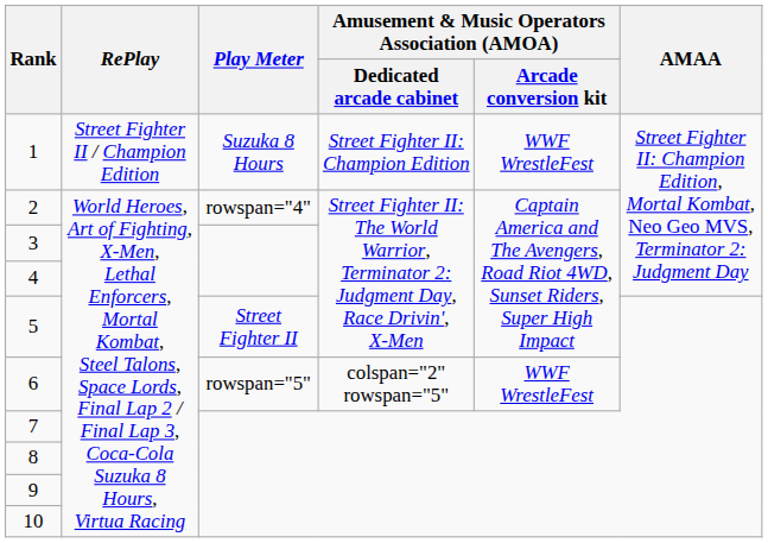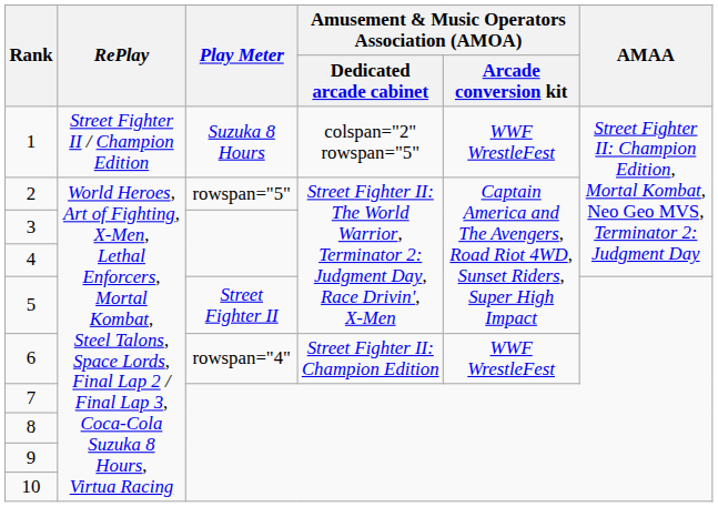 <table class="wikitable sortable" style="text-align:center">
 <tr>
 <th rowspan="2">Rank</th>
 <th rowspan="2"><em>RePlay</em></th>
 <th rowspan="2"><em><a href='#'>Play Meter</a></em></th>
 <th colspan="2">Amusement & Music Operators Association (AMOA)</th>
 <th rowspan="2">AMAA</th>
 </tr>
 <tr>
 <th>Dedicated <a href='#'>arcade cabinet</a></th>
 <th><a href='#'>Arcade conversion</a> kit</th>
 </tr>
 <tr>
 <td>1</td>
 <td><em><a href='#'>Street Fighter II</a> / <a href='#'>Champion Edition</a></em></td>
 <td><em><a href='#'>Suzuka 8 Hours</a></em></td>
-<td><em><a href='#'>Street Fighter II: Champion Edition</a></em></td>
+<td>colspan="2" rowspan="5" </td>
 <td><em><a href='#'>WWF WrestleFest</a></em></td>
 <td rowspan="4"><em><a href='#'>Street Fighter II: Champion Edition</a></em>, <br> <em><a href='#'>Mortal Kombat</a></em>, <br> <a href='#'>Neo Geo MVS</a>, <br> <em><a href='#'>Terminator 2: Judgment Day</a></em></td>
 </tr>
 <tr>
 <td>2</td>
 <td rowspan="9"><em><a href='#'>World Heroes</a></em>, <br> <em><a href='#'>Art of Fighting</a></em>, <br> <em><a href='#'>X-Men</a></em>, <br> <em><a href='#'>Lethal Enforcers</a></em>, <br> <em><a href='#'>Mortal Kombat</a></em>, <br> <em><a href='#'>Steel Talons</a></em>, <br> <em><a href='#'>Space Lords</a></em>, <br> <em><a href='#'>Final Lap 2</a> / <a href='#'>Final Lap 3</a></em>, <br> <em><a href='#'>Coca-Cola Suzuka 8 Hours</a></em>, <br> <em><a href='#'>Virtua Racing</a></em></td>
-<td>rowspan="4" </td>
+<td>rowspan="5" </td>
 <td rowspan="4"><em><a href='#'>Street Fighter II: The World Warrior</a></em>, <br> <em><a href='#'>Terminator 2: Judgment Day</a></em>, <br> <em><a href='#'>Race Drivin'</a></em>, <br> <em><a href='#'>X-Men</a></em></td>
 <td rowspan="4"><em><a href='#'>Captain America and The Avengers</a></em>, <br> <em><a href='#'>Road Riot 4WD</a></em>, <br> <em><a href='#'>Sunset Riders</a></em>, <br> <em><a href='#'>Super High Impact</a></em></td>
 </tr>
 <tr>
 <td>3</td>
 </tr>
 <tr>
 <td>4</td>
 </tr>
 <tr>
 <td>5</td>
 <td><em><a href='#'>Street Fighter II</a></em></td>
 </tr>
 <tr>
 <td>6</td>
-<td>rowspan="5" </td>
-<td>colspan="2" rowspan="5" </td>
+<td>rowspan="4" </td>
+<td><em><a href='#'>Street Fighter II: Champion Edition</a></em></td>
 <td><em><a href='#'>WWF WrestleFest</a></em></td>
 </tr>
 <tr>
 <td>7</td>
 </tr>
 <tr>
 <td>8</td>
 </tr>
 <tr>
 <td>9</td>
 </tr>
 <tr>
 <td>10</td>
 </tr>
 </table>
